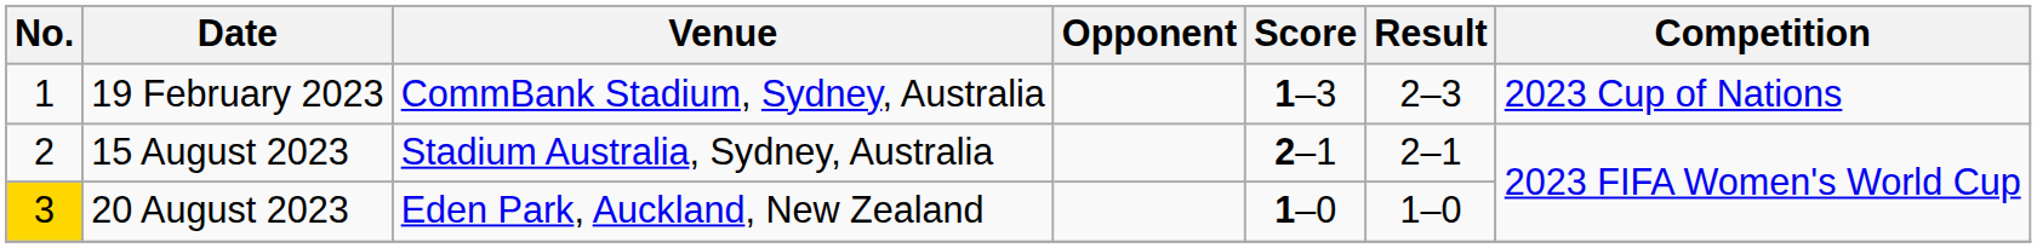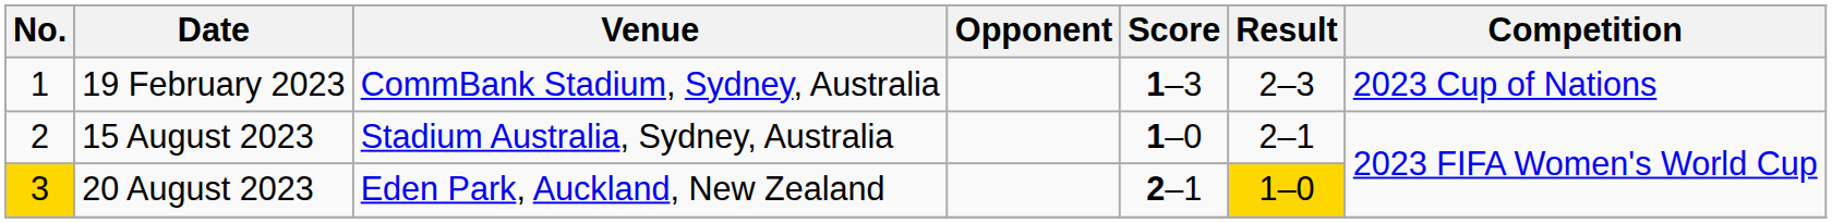 <table class="wikitable sortable">
 <tr>
 <th scope="col">No.</th>
 <th scope="col">Date</th>
 <th scope="col">Venue</th>
 <th scope="col">Opponent</th>
 <th scope="col">Score</th>
 <th scope="col">Result</th>
 <th scope="col">Competition</th>
 </tr>
 <tr>
 <td align="center">1</td>
 <td>19 February 2023</td>
 <td><a href='#'>CommBank Stadium</a>, <a href='#'>Sydney</a>, Australia</td>
 <td></td>
 <td align="center"><strong>1</strong>–3</td>
 <td align="center">2–3</td>
 <td><a href='#'>2023 Cup of Nations</a></td>
 </tr>
 <tr>
 <td align="center">2</td>
 <td>15 August 2023</td>
 <td><a href='#'>Stadium Australia</a>, Sydney, Australia</td>
 <td></td>
-<td align="center"><strong>2</strong>–1</td>
+<td align="center"><strong>1</strong>–0</td>
 <td align="center">2–1</td>
 <td rowspan="2"><a href='#'>2023 FIFA Women's World Cup</a></td>
 </tr>
 <tr>
 <td align="center" style="background: gold;">3</td>
 <td>20 August 2023</td>
 <td><a href='#'>Eden Park</a>, <a href='#'>Auckland</a>, New Zealand</td>
 <td></td>
-<td align="center"><strong>1</strong>–0</td>
-<td align="center">1–0</td>
+<td align="center"><strong>2</strong>–1</td>
+<td align="center" style="background: gold;">1–0</td>
 </tr>
 <tr>
 </tr>
 </table>
